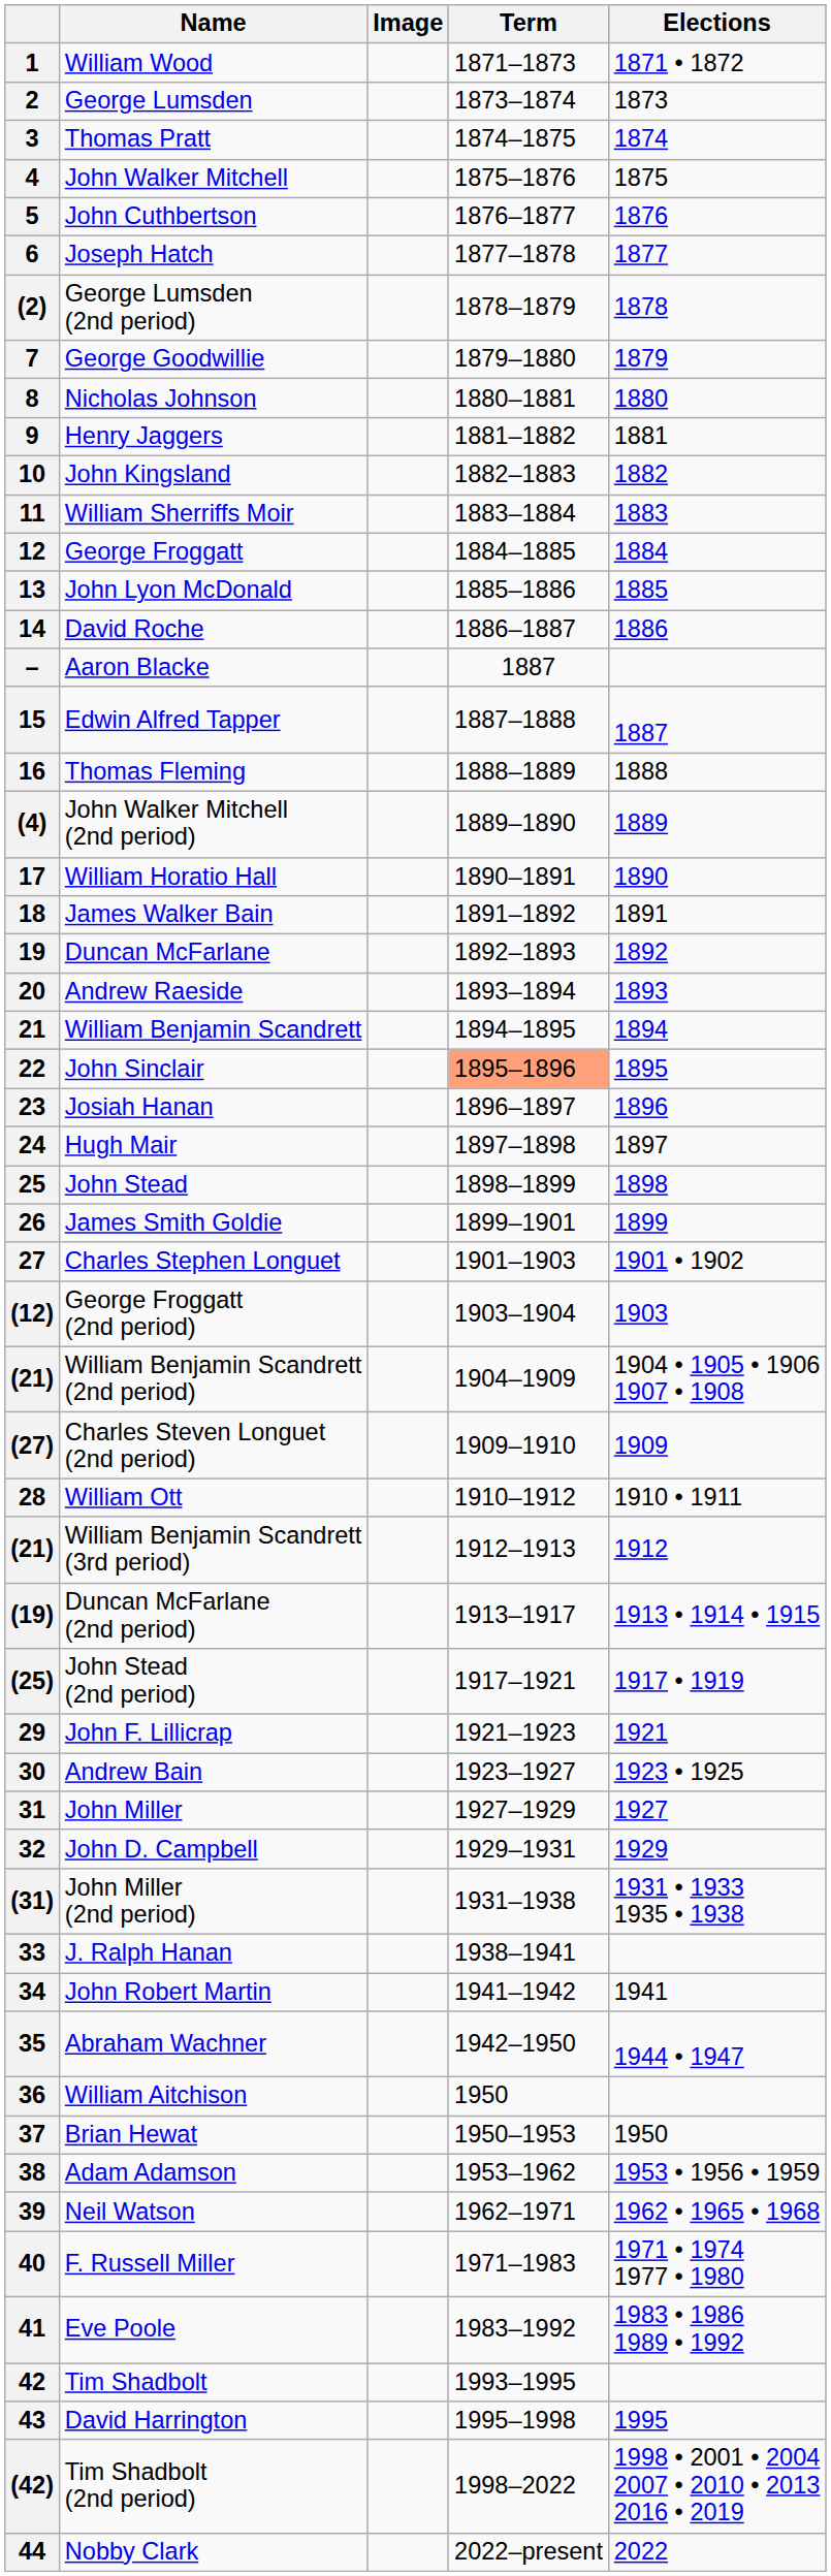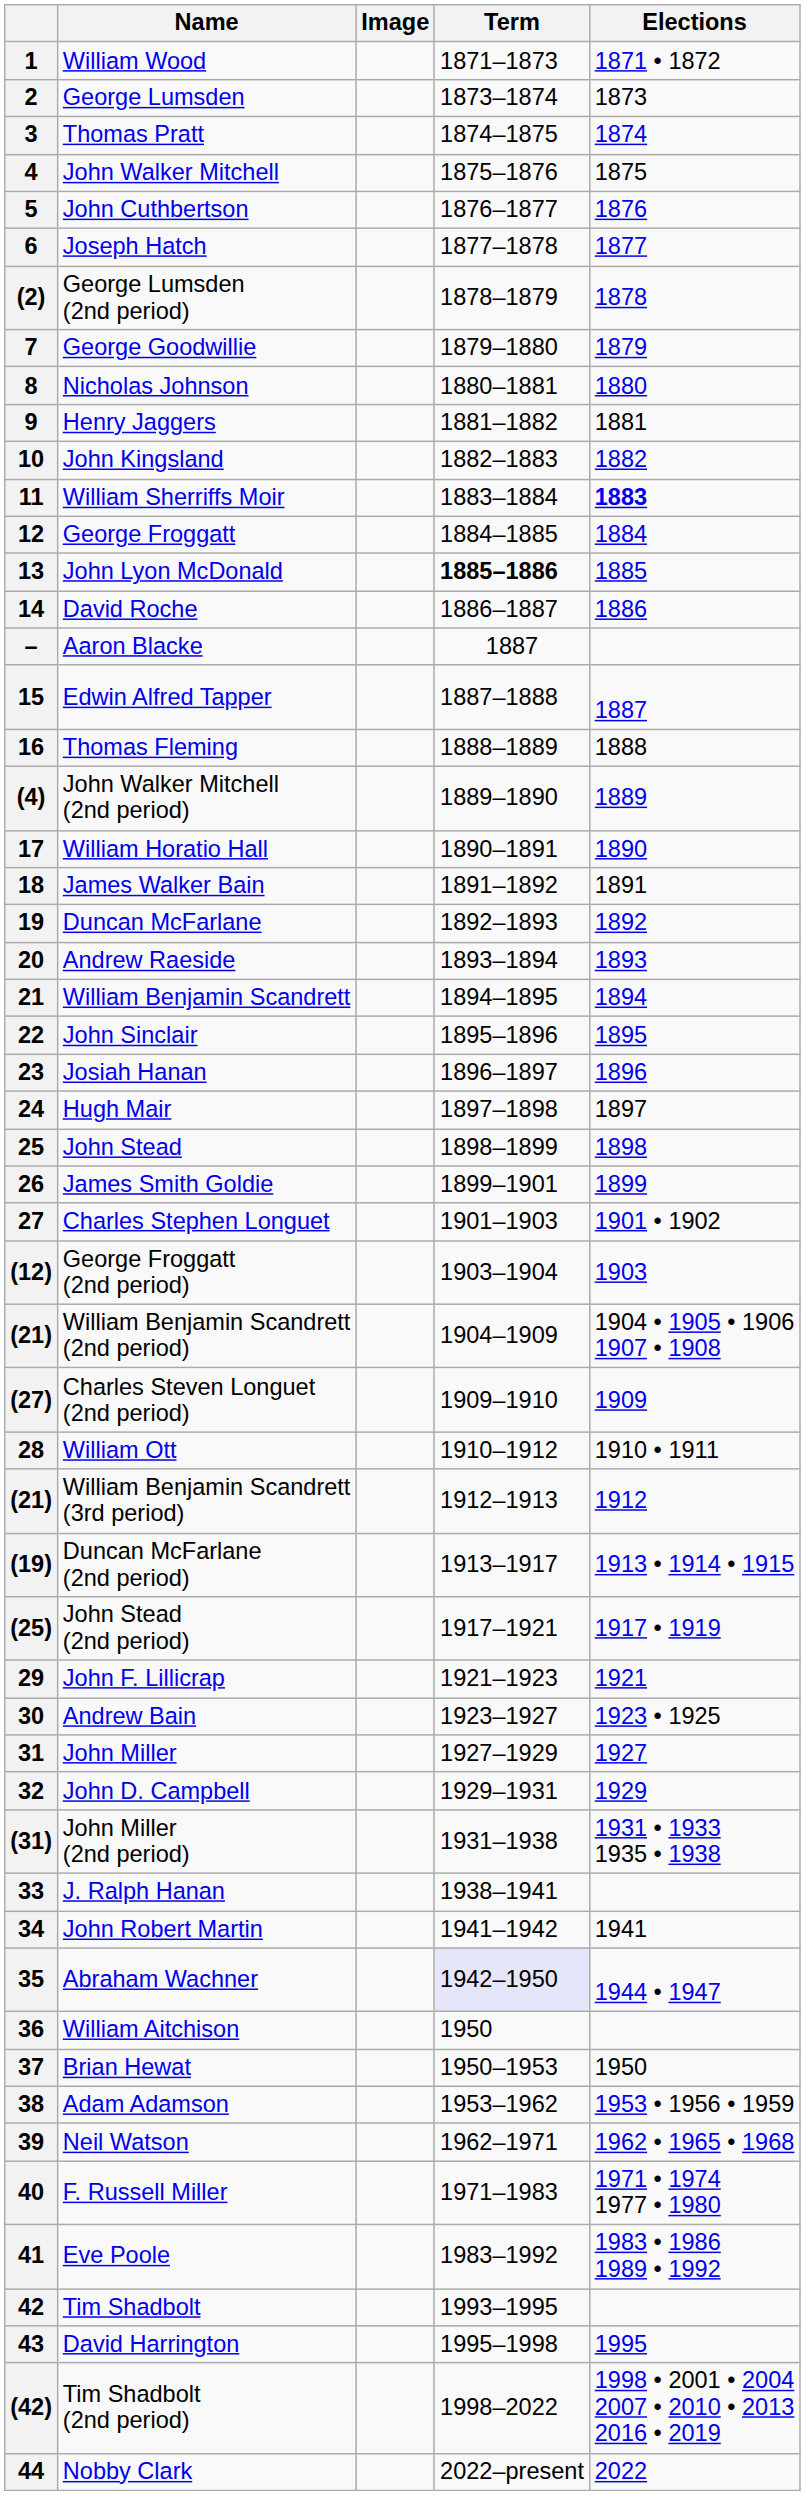 <table class="wikitable" style="text-align:left">
 <tr>
 <th></th>
 <th>Name</th>
 <th>Image</th>
 <th>Term</th>
 <th>Elections</th>
 </tr>
 <tr>
 <th>1</th>
 <td><a href='#'>William Wood</a></td>
 <td></td>
 <td>1871–1873</td>
 <td><a href='#'>1871</a> • 1872</td>
 </tr>
 <tr>
 <th>2</th>
 <td><a href='#'>George Lumsden</a></td>
 <td></td>
 <td>1873–1874</td>
 <td>1873</td>
 </tr>
 <tr>
 <th>3</th>
 <td><a href='#'>Thomas Pratt</a></td>
 <td></td>
 <td>1874–1875</td>
 <td><a href='#'>1874</a></td>
 </tr>
 <tr>
 <th>4</th>
 <td><a href='#'>John Walker Mitchell</a></td>
 <td></td>
 <td>1875–1876</td>
 <td>1875</td>
 </tr>
 <tr>
 <th>5</th>
 <td><a href='#'>John Cuthbertson</a></td>
 <td></td>
 <td>1876–1877</td>
 <td><a href='#'>1876</a></td>
 </tr>
 <tr>
 <th>6</th>
 <td><a href='#'>Joseph Hatch</a></td>
 <td></td>
 <td>1877–1878</td>
 <td><a href='#'>1877</a></td>
 </tr>
 <tr>
 <th>(2)</th>
 <td>George Lumsden<br>(2nd period)</td>
 <td></td>
 <td>1878–1879</td>
 <td><a href='#'>1878</a></td>
 </tr>
 <tr>
 <th>7</th>
 <td><a href='#'>George Goodwillie</a></td>
 <td></td>
 <td>1879–1880</td>
 <td><a href='#'>1879</a></td>
 </tr>
 <tr>
 <th>8</th>
 <td><a href='#'>Nicholas Johnson</a></td>
 <td></td>
 <td>1880–1881</td>
 <td><a href='#'>1880</a></td>
 </tr>
 <tr>
 <th>9</th>
 <td><a href='#'>Henry Jaggers</a></td>
 <td></td>
 <td>1881–1882</td>
 <td>1881</td>
 </tr>
 <tr>
 <th>10</th>
 <td><a href='#'>John Kingsland</a></td>
 <td></td>
 <td>1882–1883</td>
 <td><a href='#'>1882</a></td>
 </tr>
 <tr>
 <th>11</th>
 <td><a href='#'>William Sherriffs Moir</a></td>
 <td></td>
 <td>1883–1884</td>
-<td><a href='#'>1883</a></td>
+<td><strong><a href='#'>1883</a></strong></td>
 </tr>
 <tr>
 <th>12</th>
 <td><a href='#'>George Froggatt</a></td>
 <td></td>
 <td>1884–1885</td>
 <td><a href='#'>1884</a></td>
 </tr>
 <tr>
 <th>13</th>
 <td><a href='#'>John Lyon McDonald</a></td>
 <td></td>
-<td>1885–1886</td>
+<td><strong>1885–1886</strong></td>
 <td><a href='#'>1885</a></td>
 </tr>
 <tr>
 <th>14</th>
 <td><a href='#'>David Roche</a></td>
 <td></td>
 <td>1886–1887</td>
 <td><a href='#'>1886</a></td>
 </tr>
 <tr>
 <th>–</th>
 <td><a href='#'>Aaron Blacke</a></td>
 <td></td>
 <td align="center">1887</td>
 <td></td>
 </tr>
 <tr>
 <th>15</th>
 <td><a href='#'>Edwin Alfred Tapper</a></td>
 <td></td>
 <td>1887–1888</td>
 <td><br><a href='#'>1887</a></td>
 </tr>
 <tr>
 <th>16</th>
 <td><a href='#'>Thomas Fleming</a></td>
 <td></td>
 <td>1888–1889</td>
 <td>1888</td>
 </tr>
 <tr>
 <th>(4)</th>
 <td>John Walker Mitchell<br>(2nd period)</td>
 <td></td>
 <td>1889–1890</td>
 <td><a href='#'>1889</a></td>
 </tr>
 <tr>
 <th>17</th>
 <td><a href='#'>William Horatio Hall</a></td>
 <td></td>
 <td>1890–1891</td>
 <td><a href='#'>1890</a></td>
 </tr>
 <tr>
 <th>18</th>
 <td><a href='#'>James Walker Bain</a></td>
 <td></td>
 <td>1891–1892</td>
 <td>1891</td>
 </tr>
 <tr>
 <th>19</th>
 <td><a href='#'>Duncan McFarlane</a></td>
 <td></td>
 <td>1892–1893</td>
 <td><a href='#'>1892</a></td>
 </tr>
 <tr>
 <th>20</th>
 <td><a href='#'>Andrew Raeside</a></td>
 <td></td>
 <td>1893–1894</td>
 <td><a href='#'>1893</a></td>
 </tr>
 <tr>
 <th>21</th>
 <td><a href='#'>William Benjamin Scandrett</a></td>
 <td></td>
 <td>1894–1895</td>
 <td><a href='#'>1894</a></td>
 </tr>
 <tr>
 <th>22</th>
 <td><a href='#'>John Sinclair</a></td>
 <td></td>
-<td style="background: lightsalmon;">1895–1896</td>
+<td>1895–1896</td>
 <td><a href='#'>1895</a></td>
 </tr>
 <tr>
 <th>23</th>
 <td><a href='#'>Josiah Hanan</a></td>
 <td></td>
 <td>1896–1897</td>
 <td><a href='#'>1896</a></td>
 </tr>
 <tr>
 <th>24</th>
 <td><a href='#'>Hugh Mair</a></td>
 <td></td>
 <td>1897–1898</td>
 <td>1897</td>
 </tr>
 <tr>
 <th>25</th>
 <td><a href='#'>John Stead</a></td>
 <td></td>
 <td>1898–1899</td>
 <td><a href='#'>1898</a></td>
 </tr>
 <tr>
 <th>26</th>
 <td><a href='#'>James Smith Goldie</a></td>
 <td></td>
 <td>1899–1901</td>
 <td><a href='#'>1899</a></td>
 </tr>
 <tr>
 <th>27</th>
 <td><a href='#'>Charles Stephen Longuet</a></td>
 <td></td>
 <td>1901–1903</td>
 <td><a href='#'>1901</a> • 1902</td>
 </tr>
 <tr>
 <th>(12)</th>
 <td>George Froggatt<br>(2nd period)</td>
 <td></td>
 <td>1903–1904</td>
 <td><a href='#'>1903</a></td>
 </tr>
 <tr>
 <th>(21)</th>
 <td>William Benjamin Scandrett<br>(2nd period)</td>
 <td></td>
 <td>1904–1909</td>
 <td>1904 • <a href='#'>1905</a> • 1906<br><a href='#'>1907</a> • <a href='#'>1908</a></td>
 </tr>
 <tr>
 <th>(27)</th>
 <td>Charles Steven Longuet<br>(2nd period)</td>
 <td></td>
 <td>1909–1910</td>
 <td><a href='#'>1909</a></td>
 </tr>
 <tr>
 <th>28</th>
 <td><a href='#'>William Ott</a></td>
 <td></td>
 <td>1910–1912</td>
 <td>1910 • 1911</td>
 </tr>
 <tr>
 <th>(21)</th>
 <td>William Benjamin Scandrett<br>(3rd period)</td>
 <td></td>
 <td>1912–1913</td>
 <td><a href='#'>1912</a></td>
 </tr>
 <tr>
 <th>(19)</th>
 <td>Duncan McFarlane<br>(2nd period)</td>
 <td></td>
 <td>1913–1917</td>
 <td><a href='#'>1913</a> • <a href='#'>1914</a> • <a href='#'>1915</a></td>
 </tr>
 <tr>
 <th>(25)</th>
 <td>John Stead<br>(2nd period)</td>
 <td></td>
 <td>1917–1921</td>
 <td><a href='#'>1917</a> • <a href='#'>1919</a></td>
 </tr>
 <tr>
 <th>29</th>
 <td><a href='#'>John F. Lillicrap</a></td>
 <td></td>
 <td>1921–1923</td>
 <td><a href='#'>1921</a></td>
 </tr>
 <tr>
 <th>30</th>
 <td><a href='#'>Andrew Bain</a></td>
 <td></td>
 <td>1923–1927</td>
 <td><a href='#'>1923</a> • 1925</td>
 </tr>
 <tr>
 <th>31</th>
 <td><a href='#'>John Miller</a></td>
 <td></td>
 <td>1927–1929</td>
 <td><a href='#'>1927</a></td>
 </tr>
 <tr>
 <th>32</th>
 <td><a href='#'>John D. Campbell</a></td>
 <td></td>
 <td>1929–1931</td>
 <td><a href='#'>1929</a></td>
 </tr>
 <tr>
 <th>(31)</th>
 <td>John Miller<br>(2nd period)</td>
 <td></td>
 <td>1931–1938</td>
 <td><a href='#'>1931</a> • <a href='#'>1933</a><br>1935 • <a href='#'>1938</a></td>
 </tr>
 <tr>
 <th>33</th>
 <td><a href='#'>J. Ralph Hanan</a></td>
 <td></td>
 <td>1938–1941</td>
 <td></td>
 </tr>
 <tr>
 <th>34</th>
 <td><a href='#'>John Robert Martin</a></td>
 <td></td>
 <td>1941–1942</td>
 <td>1941</td>
 </tr>
 <tr>
 <th>35</th>
 <td><a href='#'>Abraham Wachner</a></td>
 <td></td>
-<td>1942–1950</td>
+<td style="background: lavender;">1942–1950</td>
 <td><br><a href='#'>1944</a> • <a href='#'>1947</a></td>
 </tr>
 <tr>
 <th>36</th>
 <td><a href='#'>William Aitchison</a></td>
 <td></td>
 <td>1950</td>
 <td></td>
 </tr>
 <tr>
 <th>37</th>
 <td><a href='#'>Brian Hewat</a></td>
 <td></td>
 <td>1950–1953</td>
 <td>1950</td>
 </tr>
 <tr>
 <th>38</th>
 <td><a href='#'>Adam Adamson</a></td>
 <td></td>
 <td>1953–1962</td>
 <td><a href='#'>1953</a> • 1956 • 1959</td>
 </tr>
 <tr>
 <th>39</th>
 <td><a href='#'>Neil Watson</a></td>
 <td></td>
 <td>1962–1971</td>
 <td><a href='#'>1962</a> • <a href='#'>1965</a> • <a href='#'>1968</a></td>
 </tr>
 <tr>
 <th>40</th>
 <td><a href='#'>F. Russell Miller</a></td>
 <td></td>
 <td>1971–1983</td>
 <td><a href='#'>1971</a> • <a href='#'>1974</a><br>1977 • <a href='#'>1980</a></td>
 </tr>
 <tr>
 <th>41</th>
 <td><a href='#'>Eve Poole</a></td>
 <td></td>
 <td>1983–1992</td>
 <td><a href='#'>1983</a> • <a href='#'>1986</a><br><a href='#'>1989</a> • <a href='#'>1992</a></td>
 </tr>
 <tr>
 <th>42</th>
 <td><a href='#'>Tim Shadbolt</a></td>
 <td></td>
 <td>1993–1995</td>
 <td></td>
 </tr>
 <tr>
 <th>43</th>
 <td><a href='#'>David Harrington</a></td>
 <td></td>
 <td>1995–1998</td>
 <td><a href='#'>1995</a></td>
 </tr>
 <tr>
 <th>(42)</th>
 <td>Tim Shadbolt<br>(2nd period)</td>
 <td></td>
 <td>1998–2022</td>
 <td><a href='#'>1998</a> • 2001 • <a href='#'>2004</a><br><a href='#'>2007</a> • <a href='#'>2010</a> • <a href='#'>2013</a><br><a href='#'>2016</a> • <a href='#'>2019</a></td>
 </tr>
 <tr>
 <th>44</th>
 <td><a href='#'>Nobby Clark</a></td>
 <td></td>
 <td>2022–present</td>
 <td><a href='#'>2022</a></td>
 </tr>
 </table>
